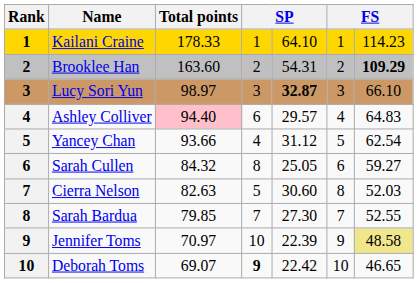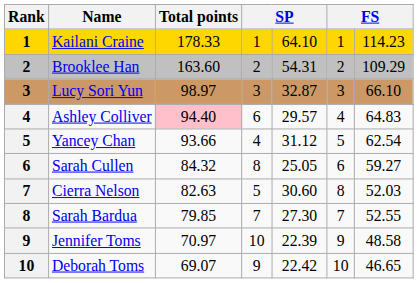 <table class="wikitable sortable">
 <tr>
 <th>Rank</th>
 <th>Name</th>
 <th>Total points</th>
 <th colspan="2" width="80px"><a href='#'>SP</a></th>
 <th colspan="2" width="80px"><a href='#'>FS</a></th>
 </tr>
 <tr bgcolor="gold">
 <td align="center"><strong>1</strong></td>
 <td><a href='#'>Kailani Craine</a></td>
 <td align="center">178.33</td>
 <td align="center">1</td>
 <td align="center">64.10</td>
 <td align="center">1</td>
 <td align="center">114.23</td>
 </tr>
 <tr bgcolor="silver">
 <td align="center"><strong>2</strong></td>
 <td><a href='#'>Brooklee Han</a></td>
 <td align="center">163.60</td>
 <td align="center">2</td>
 <td align="center">54.31</td>
 <td align="center">2</td>
-<td align="center"><strong>109.29</strong></td>
+<td align="center">109.29</td>
 </tr>
 <tr bgcolor="cc9966">
 <td align="center"><strong>3</strong></td>
 <td><a href='#'>Lucy Sori Yun</a></td>
 <td align="center">98.97</td>
 <td align="center">3</td>
-<td align="center"><strong>32.87</strong></td>
+<td align="center">32.87</td>
 <td align="center">3</td>
 <td align="center">66.10</td>
 </tr>
 <tr>
 <th>4</th>
 <td><a href='#'>Ashley Colliver</a></td>
 <td align="center" style="background: pink;">94.40</td>
 <td align="center">6</td>
 <td align="center">29.57</td>
 <td align="center">4</td>
 <td align="center">64.83</td>
 </tr>
 <tr>
 <th>5</th>
 <td><a href='#'>Yancey Chan</a></td>
 <td align="center">93.66</td>
 <td align="center">4</td>
 <td align="center">31.12</td>
 <td align="center">5</td>
 <td align="center">62.54</td>
 </tr>
 <tr>
 <th>6</th>
 <td><a href='#'>Sarah Cullen</a></td>
 <td align="center">84.32</td>
 <td align="center">8</td>
 <td align="center">25.05</td>
 <td align="center">6</td>
 <td align="center">59.27</td>
 </tr>
 <tr>
 <th>7</th>
 <td> <a href='#'>Cierra Nelson</a></td>
 <td align="center">82.63</td>
 <td align="center">5</td>
 <td align="center">30.60</td>
 <td align="center">8</td>
 <td align="center">52.03</td>
 </tr>
 <tr>
 <th>8</th>
 <td> <a href='#'>Sarah Bardua</a></td>
 <td align="center">79.85</td>
 <td align="center">7</td>
 <td align="center">27.30</td>
 <td align="center">7</td>
 <td align="center">52.55</td>
 </tr>
 <tr>
 <th>9</th>
 <td><a href='#'>Jennifer Toms</a></td>
 <td align="center">70.97</td>
 <td align="center">10</td>
 <td align="center">22.39</td>
 <td align="center">9</td>
-<td align="center" style="background: khaki;">48.58</td>
+<td align="center">48.58</td>
 </tr>
 <tr>
 <th>10</th>
 <td><a href='#'>Deborah Toms</a></td>
 <td align="center">69.07</td>
-<td align="center"><strong>9</strong></td>
+<td align="center">9</td>
 <td align="center">22.42</td>
 <td align="center">10</td>
 <td align="center">46.65</td>
 </tr>
 </table>
